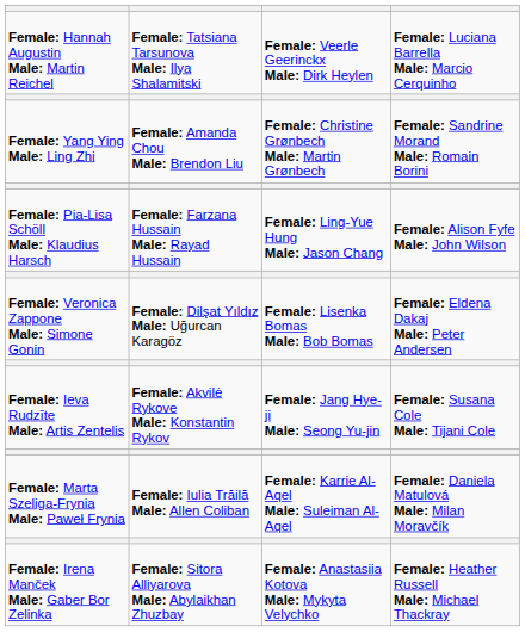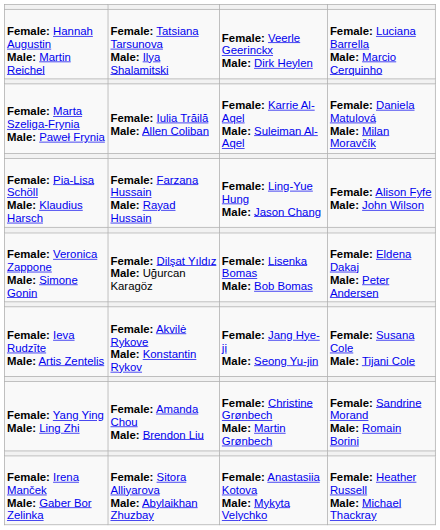 <table class=wikitable>
 <tr>
 <th width=250></th>
 <th width=250></th>
 <th width=250></th>
 <th width=250></th>
 </tr>
 <tr>
 <td><br><strong>Female:</strong> <a href='#'>Hannah Augustin</a> <br> <strong>Male:</strong>  <a href='#'>Martin Reichel</a></td>
 <td><br><strong>Female:</strong> <a href='#'>Tatsiana Tarsunova</a><br> <strong>Male:</strong> <a href='#'>Ilya Shalamitski</a></td>
 <td><br><strong>Female:</strong> <a href='#'>Veerle Geerinckx</a><br> <strong>Male:</strong> <a href='#'>Dirk Heylen</a></td>
 <td><br><strong>Female:</strong> <a href='#'>Luciana Barrella</a><br> <strong>Male:</strong> <a href='#'>Marcio Cerquinho</a></td>
 </tr>
 <tr>
 <th width=250></th>
 <th width=250></th>
 <th width=250></th>
 <th width=250></th>
 </tr>
 <tr>
-<td><br><strong>Female:</strong> <a href='#'>Yang Ying</a><br> <strong>Male:</strong> <a href='#'>Ling Zhi</a><br></td>
-<td><br><strong>Female:</strong> <a href='#'>Amanda Chou</a><br> <strong>Male:</strong> <a href='#'>Brendon Liu</a><br></td>
-<td><br><strong>Female:</strong> <a href='#'>Christine Grønbech</a><br> <strong>Male:</strong> <a href='#'>Martin Grønbech</a><br></td>
-<td><br><strong>Female:</strong> <a href='#'>Sandrine Morand</a><br> <strong>Male:</strong> <a href='#'>Romain Borini</a><br></td>
+<td><br><strong>Female:</strong> <a href='#'>Marta Szeliga-Frynia</a><br> <strong>Male:</strong> <a href='#'>Paweł Frynia</a><br></td>
+<td><br><strong>Female:</strong> <a href='#'>Iulia Trăilă</a><br> <strong>Male:</strong> <a href='#'>Allen Coliban</a><br></td>
+<td><br><strong>Female:</strong> <a href='#'>Karrie Al-Aqel</a><br> <strong>Male:</strong> <a href='#'>Suleiman Al-Aqel</a><br></td>
+<td><br><strong>Female:</strong> <a href='#'>Daniela Matulová</a><br> <strong>Male:</strong> <a href='#'>Milan Moravčík</a><br></td>
 </tr>
 <tr>
 <th width=250></th>
 <th width=250></th>
 <th width=250></th>
 <th width=250></th>
 </tr>
 <tr>
 <td><br><strong>Female:</strong> <a href='#'>Pia-Lisa Schöll</a><br> <strong>Male:</strong> <a href='#'>Klaudius Harsch</a><br></td>
 <td><br><strong>Female:</strong> <a href='#'>Farzana Hussain</a><br> <strong>Male:</strong> <a href='#'>Rayad Hussain</a><br></td>
 <td><br><strong>Female:</strong> <a href='#'>Ling-Yue Hung</a><br> <strong>Male:</strong> <a href='#'>Jason Chang</a><br></td>
 <td><br><strong>Female:</strong> <a href='#'>Alison Fyfe</a><br> <strong>Male:</strong> <a href='#'>John Wilson</a><br></td>
 </tr>
 <tr>
 <th width=250></th>
 <th width=250></th>
 <th width=250></th>
 <th width=250></th>
 </tr>
 <tr>
 <td><br><strong>Female:</strong> <a href='#'>Veronica Zappone</a><br> <strong>Male:</strong> <a href='#'>Simone Gonin</a><br></td>
 <td><br><strong>Female:</strong> <a href='#'>Dilşat Yıldız</a><br> <strong>Male:</strong> Uğurcan Karagöz<br></td>
 <td><br><strong>Female:</strong> <a href='#'>Lisenka Bomas</a><br> <strong>Male:</strong> <a href='#'>Bob Bomas</a><br></td>
 <td><br><strong>Female:</strong> <a href='#'>Eldena Dakaj</a><br> <strong>Male:</strong> <a href='#'>Peter Andersen</a><br></td>
 </tr>
 <tr>
 <th width=250></th>
 <th width=250></th>
 <th width=250></th>
 <th width=250></th>
 </tr>
 <tr>
 <td><br><strong>Female:</strong> <a href='#'>Ieva Rudzīte</a><br> <strong>Male:</strong> <a href='#'>Artis Zentelis</a><br></td>
 <td><br><strong>Female:</strong> <a href='#'>Akvilė Rykove</a><br> <strong>Male:</strong> <a href='#'>Konstantin Rykov</a><br></td>
 <td><br><strong>Female:</strong> <a href='#'>Jang Hye-ji</a><br> <strong>Male:</strong> <a href='#'>Seong Yu-jin</a><br></td>
 <td><br><strong>Female:</strong> <a href='#'>Susana Cole</a><br> <strong>Male:</strong> <a href='#'>Tijani Cole</a><br></td>
 </tr>
 <tr>
 <th width=250></th>
 <th width=250></th>
 <th width=250></th>
 <th width=250></th>
 </tr>
 <tr>
-<td><br><strong>Female:</strong> <a href='#'>Marta Szeliga-Frynia</a><br> <strong>Male:</strong> <a href='#'>Paweł Frynia</a><br></td>
-<td><br><strong>Female:</strong> <a href='#'>Iulia Trăilă</a><br> <strong>Male:</strong> <a href='#'>Allen Coliban</a><br></td>
-<td><br><strong>Female:</strong> <a href='#'>Karrie Al-Aqel</a><br> <strong>Male:</strong> <a href='#'>Suleiman Al-Aqel</a><br></td>
-<td><br><strong>Female:</strong> <a href='#'>Daniela Matulová</a><br> <strong>Male:</strong> <a href='#'>Milan Moravčík</a><br></td>
+<td><br><strong>Female:</strong> <a href='#'>Yang Ying</a><br> <strong>Male:</strong> <a href='#'>Ling Zhi</a><br></td>
+<td><br><strong>Female:</strong> <a href='#'>Amanda Chou</a><br> <strong>Male:</strong> <a href='#'>Brendon Liu</a><br></td>
+<td><br><strong>Female:</strong> <a href='#'>Christine Grønbech</a><br> <strong>Male:</strong> <a href='#'>Martin Grønbech</a><br></td>
+<td><br><strong>Female:</strong> <a href='#'>Sandrine Morand</a><br> <strong>Male:</strong> <a href='#'>Romain Borini</a><br></td>
 </tr>
 <tr>
 <th width=250></th>
 <th width=250></th>
 <th width=250></th>
 <th width=250></th>
 </tr>
 <tr>
 <td><br><strong>Female:</strong> <a href='#'>Irena Manček</a><br> <strong>Male:</strong> <a href='#'>Gaber Bor Zelinka</a><br></td>
 <td><br><strong>Female:</strong> <a href='#'>Sitora Alliyarova</a><br> <strong>Male:</strong> <a href='#'>Abylaikhan Zhuzbay</a><br></td>
 <td><br><strong>Female:</strong> <a href='#'>Anastasiia Kotova</a><br> <strong>Male:</strong> <a href='#'>Mykyta Velychko</a><br></td>
 <td><br><strong>Female:</strong> <a href='#'>Heather Russell</a><br> <strong>Male:</strong> <a href='#'>Michael Thackray</a><br></td>
 </tr>
 </table>
